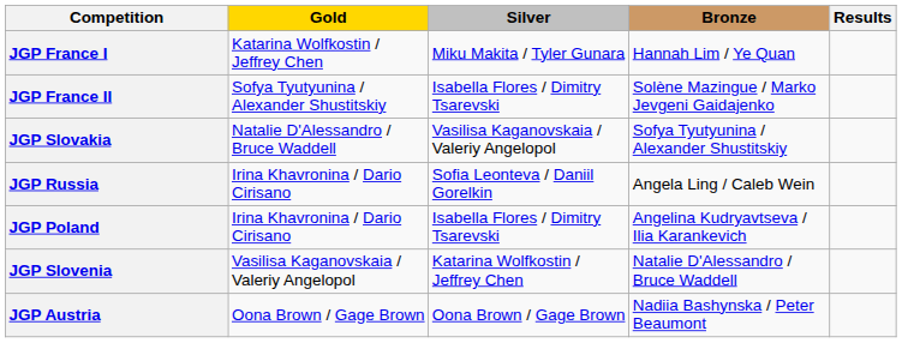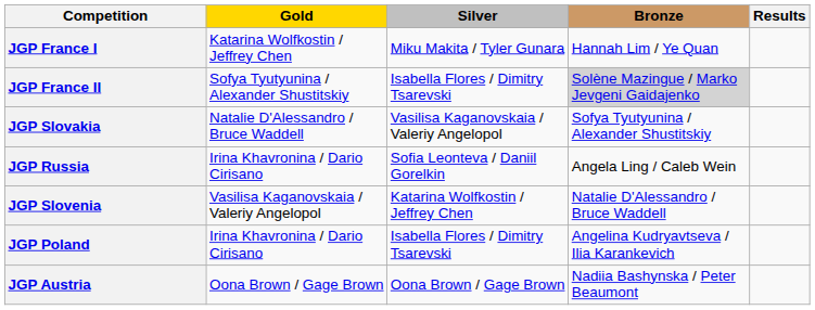 <table class="wikitable unsortable" style="text-align:left; width:100%;">
 <tr>
 <th scope="col" style="text-align:center; width:25%;">Competition</th>
 <td scope="col" style="text-align:center; width:22.5%; background:gold"><strong>Gold</strong></td>
 <td scope="col" style="text-align:center; width:22.5%; background:silver"><strong>Silver</strong></td>
 <td scope="col" style="text-align:center; width:22.5%; background:#c96"><strong>Bronze</strong></td>
 <th scope="col" style="text-align:center; width:7.5%;">Results</th>
 </tr>
 <tr>
 <th scope="row" style="text-align:left"> <a href='#'>JGP France I</a></th>
 <td> <a href='#'>Katarina Wolfkostin</a> / <a href='#'>Jeffrey Chen</a></td>
 <td> <a href='#'>Miku Makita</a> / <a href='#'>Tyler Gunara</a></td>
 <td> <a href='#'>Hannah Lim</a> / <a href='#'>Ye Quan</a></td>
 <td></td>
 </tr>
 <tr>
 <th scope="row" style="text-align:left"> <a href='#'>JGP France II</a></th>
 <td> <a href='#'>Sofya Tyutyunina</a> / <a href='#'>Alexander Shustitskiy</a></td>
 <td> <a href='#'>Isabella Flores</a> / <a href='#'>Dimitry Tsarevski</a></td>
-<td> <a href='#'>Solène Mazingue</a> / <a href='#'>Marko Jevgeni Gaidajenko</a></td>
+<td style="background: lightgrey;"> <a href='#'>Solène Mazingue</a> / <a href='#'>Marko Jevgeni Gaidajenko</a></td>
 <td></td>
 </tr>
 <tr>
 <th scope="row" style="text-align:left"> <a href='#'>JGP Slovakia</a></th>
 <td> <a href='#'>Natalie D'Alessandro</a> / <a href='#'>Bruce Waddell</a></td>
 <td> <a href='#'>Vasilisa Kaganovskaia</a> / Valeriy Angelopol</td>
 <td> <a href='#'>Sofya Tyutyunina</a> / <a href='#'>Alexander Shustitskiy</a></td>
 <td></td>
 </tr>
 <tr>
 <th scope="row" style="text-align:left"> <a href='#'>JGP Russia</a></th>
 <td> <a href='#'>Irina Khavronina</a> / <a href='#'>Dario Cirisano</a></td>
 <td> <a href='#'>Sofia Leonteva</a> / <a href='#'>Daniil Gorelkin</a></td>
 <td> Angela Ling / Caleb Wein</td>
 <td></td>
 </tr>
 <tr>
+<th scope="row" style="text-align:left"> <a href='#'>JGP Slovenia</a></th>
+<td> <a href='#'>Vasilisa Kaganovskaia</a> / Valeriy Angelopol</td>
+<td> <a href='#'>Katarina Wolfkostin</a> / <a href='#'>Jeffrey Chen</a></td>
+<td> <a href='#'>Natalie D'Alessandro</a> / <a href='#'>Bruce Waddell</a></td>
+<td></td>
+</tr>
+<tr>
 <th scope="row" style="text-align:left"> <a href='#'>JGP Poland</a></th>
 <td> <a href='#'>Irina Khavronina</a> / <a href='#'>Dario Cirisano</a></td>
 <td> <a href='#'>Isabella Flores</a> / <a href='#'>Dimitry Tsarevski</a></td>
 <td> <a href='#'>Angelina Kudryavtseva</a> / <a href='#'>Ilia Karankevich</a></td>
-<td></td>
-</tr>
-<tr>
-<th scope="row" style="text-align:left"> <a href='#'>JGP Slovenia</a></th>
-<td> <a href='#'>Vasilisa Kaganovskaia</a> / Valeriy Angelopol</td>
-<td> <a href='#'>Katarina Wolfkostin</a> / <a href='#'>Jeffrey Chen</a></td>
-<td> <a href='#'>Natalie D'Alessandro</a> / <a href='#'>Bruce Waddell</a></td>
 <td></td>
 </tr>
 <tr>
 <th scope="row" style="text-align:left"> <a href='#'>JGP Austria</a></th>
 <td> <a href='#'>Oona Brown</a> / <a href='#'>Gage Brown</a></td>
 <td> <a href='#'>Oona Brown</a> / <a href='#'>Gage Brown</a></td>
 <td> <a href='#'>Nadiia Bashynska</a> / <a href='#'>Peter Beaumont</a></td>
 <td></td>
 </tr>
 </table>
